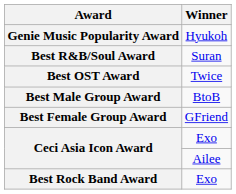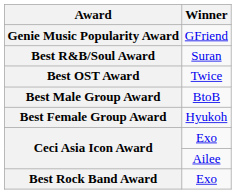 <table class="wikitable plainrowheaders sortable" style="text-align:center">
 <tr>
 <th scope="col">Award</th>
 <th scope="col">Winner</th>
 </tr>
 <tr>
 <th scope="row" style="text-align:center">Genie Music Popularity Award</th>
-<td><a href='#'>Hyukoh</a></td>
+<td><a href='#'>GFriend</a></td>
 </tr>
 <tr>
 <th scope="row" style="text-align:center">Best R&B/Soul Award</th>
 <td><a href='#'>Suran</a></td>
 </tr>
 <tr>
 <th scope="row" style="text-align:center">Best OST Award</th>
 <td><a href='#'>Twice</a></td>
 </tr>
 <tr>
 <th scope="row" style="text-align:center">Best Male Group Award</th>
 <td><a href='#'>BtoB</a></td>
 </tr>
 <tr>
 <th scope="row" style="text-align:center">Best Female Group Award</th>
-<td><a href='#'>GFriend</a></td>
+<td><a href='#'>Hyukoh</a></td>
 </tr>
 <tr>
 <th scope="row" style="text-align:center" rowspan="2">Ceci Asia Icon Award</th>
 <td><a href='#'>Exo</a></td>
 </tr>
 <tr>
 <td><a href='#'>Ailee</a></td>
 </tr>
 <tr>
 <th scope="row" style="text-align:center">Best Rock Band Award</th>
 <td><a href='#'>Exo</a></td>
 </tr>
 </table>
